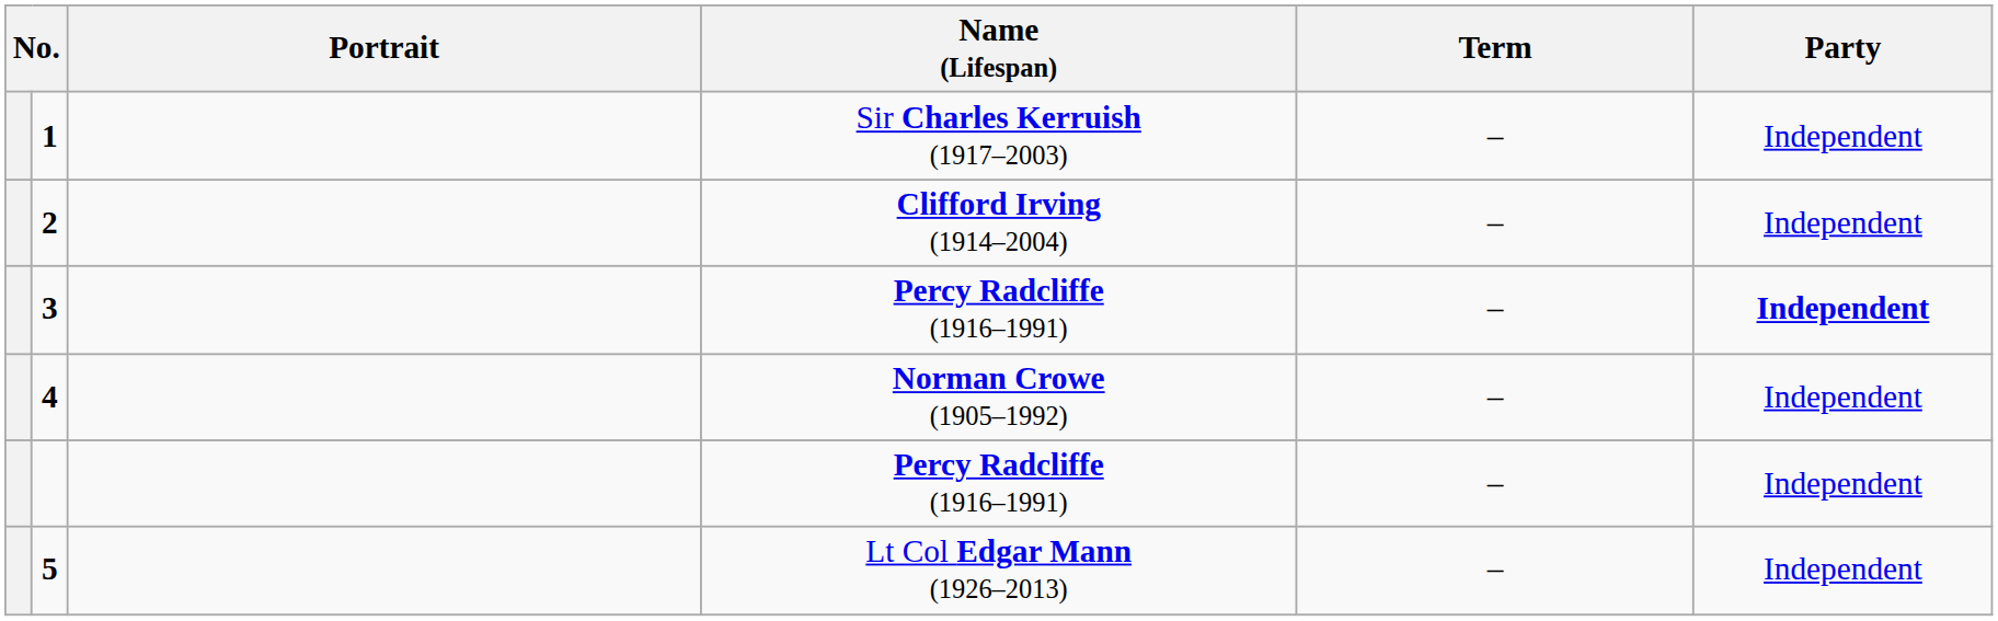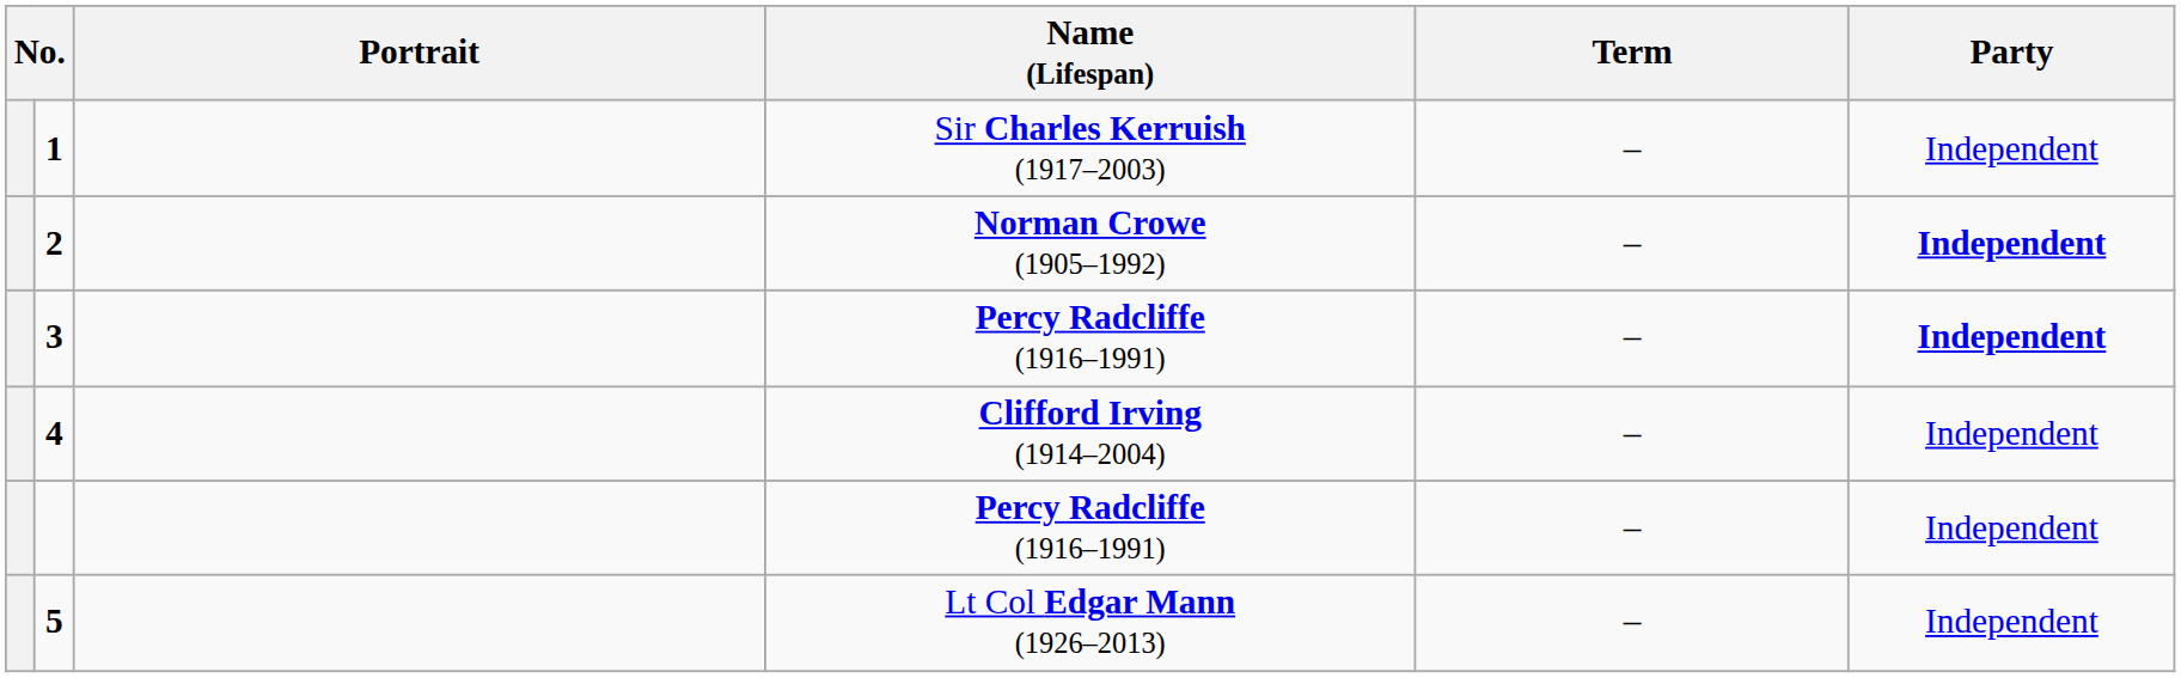 <table class="wikitable" style="text-align:center; width:50%;">
 <tr>
 <th colspan="2" width="2%">No.</th>
 <th width="75">Portrait</th>
 <th width="30%">Name<br><small>(Lifespan)</small></th>
 <th width="20%">Term</th>
 <th width="15%">Party</th>
 </tr>
 <tr>
 <th style="background-color:"> </th>
 <td><strong>1</strong></td>
 <td></td>
 <td><a href='#'>Sir <strong>Charles Kerruish</strong></a><br><small>(1917–2003)</small></td>
 <td> – </td>
 <td><a href='#'>Independent</a></td>
 </tr>
 <tr>
 <th style="background-color:"> </th>
 <td><strong>2</strong></td>
 <td></td>
-<td><strong><a href='#'>Clifford Irving</a></strong><br><small>(1914–2004)</small></td>
+<td><strong><a href='#'>Norman Crowe</a></strong><br><small>(1905–1992)</small></td>
 <td> – </td>
-<td><a href='#'>Independent</a></td>
+<td><strong><a href='#'>Independent</a></strong></td>
 </tr>
 <tr>
 <th style="background-color:"> </th>
 <td><strong>3</strong></td>
 <td></td>
 <td><strong><a href='#'>Percy Radcliffe</a></strong><br><small>(1916–1991)</small></td>
 <td> – </td>
 <td><strong><a href='#'>Independent</a></strong></td>
 </tr>
 <tr>
 <th style="background-color:"> </th>
 <td><strong>4</strong></td>
 <td></td>
-<td><strong><a href='#'>Norman Crowe</a></strong><br><small>(1905–1992)</small></td>
+<td><strong><a href='#'>Clifford Irving</a></strong><br><small>(1914–2004)</small></td>
 <td> – </td>
 <td><a href='#'>Independent</a></td>
 </tr>
 <tr>
 <th style="background-color:"> </th>
 <td><strong></strong></td>
 <td></td>
 <td><strong><a href='#'>Percy Radcliffe</a></strong><br><small>(1916–1991)</small></td>
 <td> – </td>
 <td><a href='#'>Independent</a></td>
 </tr>
 <tr>
 <th style="background-color:"> </th>
 <td><strong>5</strong></td>
 <td></td>
 <td><a href='#'>Lt Col <strong>Edgar Mann</strong></a><br><small>(1926–2013)</small></td>
 <td> – </td>
 <td><a href='#'>Independent</a></td>
 </tr>
 </table>
